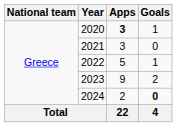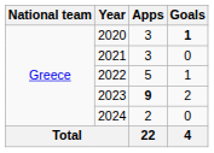 <table class=wikitable style=text-align:center>
 <tr>
 <th>National team</th>
 <th>Year</th>
 <th>Apps</th>
 <th>Goals</th>
 </tr>
 <tr>
 <td rowspan="5"><a href='#'>Greece</a></td>
 <td>2020</td>
-<td><strong>3</strong></td>
-<td>1</td>
+<td>3</td>
+<td><strong>1</strong></td>
 </tr>
 <tr>
 <td>2021</td>
 <td>3</td>
 <td>0</td>
 </tr>
 <tr>
 <td>2022</td>
 <td>5</td>
 <td>1</td>
 </tr>
 <tr>
 <td>2023</td>
-<td>9</td>
+<td><strong>9</strong></td>
 <td>2</td>
 </tr>
 <tr>
 <td>2024</td>
 <td>2</td>
-<td><strong>0</strong></td>
+<td>0</td>
 </tr>
 <tr>
 <th colspan="2">Total</th>
 <th>22</th>
 <th>4</th>
 </tr>
 </table>
